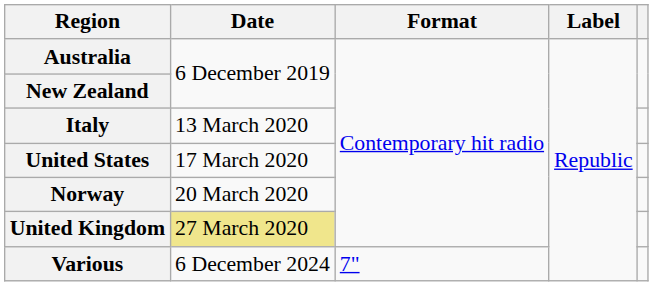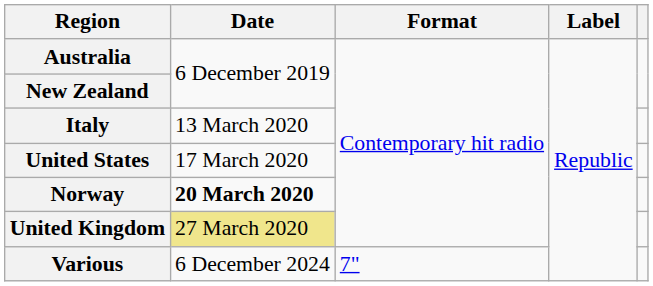 <table class="wikitable plainrowheaders">
 <tr>
 <th scope="col">Region</th>
 <th scope="col">Date</th>
 <th scope="col">Format</th>
 <th scope="col">Label</th>
 <th scope="col"></th>
 </tr>
 <tr>
 <th scope="row">Australia</th>
 <td rowspan="2">6 December 2019</td>
 <td rowspan="6"><a href='#'>Contemporary hit radio</a></td>
 <td rowspan="7"><a href='#'>Republic</a></td>
 <td rowspan="2" style="text-align:center;"></td>
 </tr>
 <tr>
 <th scope="row">New Zealand</th>
 </tr>
 <tr>
 <th scope="row">Italy</th>
 <td>13 March 2020</td>
 <td style="text-align:center;"></td>
 </tr>
 <tr>
 <th scope="row">United States</th>
 <td>17 March 2020</td>
 <td style="text-align:center"></td>
 </tr>
 <tr>
 <th scope="row">Norway</th>
-<td>20 March 2020</td>
+<td><strong>20 March 2020</strong></td>
 <td style="text-align:center"></td>
 </tr>
 <tr>
 <th scope="row">United Kingdom</th>
 <td style="background: khaki;">27 March 2020</td>
 <td style="text-align:center;"></td>
 </tr>
 <tr>
 <th scope="row">Various</th>
 <td>6 December 2024</td>
 <td><a href='#'>7"</a></td>
 <td style="text-align:center;"></td>
 </tr>
 </table>
